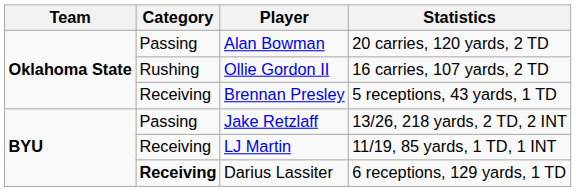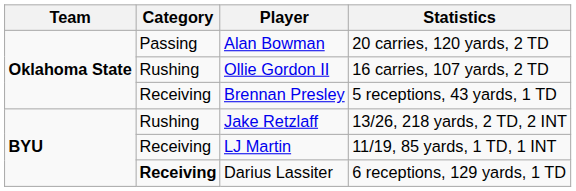 <table class="wikitable" style="float: right;">
 <tr>
 <th>Team</th>
 <th>Category</th>
 <th>Player</th>
 <th>Statistics</th>
 </tr>
 <tr>
 <td rowspan=3><strong>Oklahoma State</strong></td>
 <td>Passing</td>
 <td><a href='#'>Alan Bowman</a></td>
 <td>20 carries, 120 yards, 2 TD</td>
 </tr>
 <tr>
 <td>Rushing</td>
 <td><a href='#'>Ollie Gordon II</a></td>
 <td>16 carries, 107 yards, 2 TD</td>
 </tr>
 <tr>
 <td>Receiving</td>
 <td><a href='#'>Brennan Presley</a></td>
 <td>5 receptions, 43 yards, 1 TD</td>
 </tr>
 <tr>
 <td rowspan=3><strong>BYU</strong></td>
-<td>Passing</td>
+<td>Rushing</td>
 <td><a href='#'>Jake Retzlaff</a></td>
 <td>13/26, 218 yards, 2 TD, 2 INT</td>
 </tr>
 <tr>
 <td>Receiving</td>
 <td><a href='#'>LJ Martin</a></td>
 <td>11/19, 85 yards, 1 TD, 1 INT</td>
 </tr>
 <tr>
 <td><strong>Receiving</strong></td>
 <td>Darius Lassiter</td>
 <td>6 receptions, 129 yards, 1 TD</td>
 </tr>
 </table>
